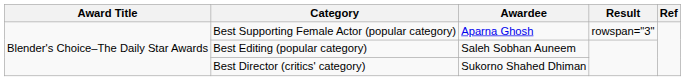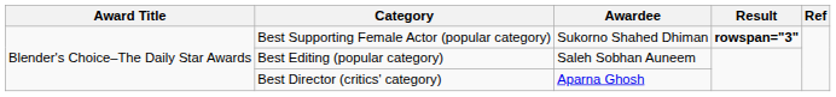 <table class="wikitable">
 <tr>
 <th>Award Title</th>
 <th>Category</th>
 <th>Awardee</th>
 <th>Result</th>
 <th>Ref</th>
 </tr>
 <tr>
 <td rowspan="3">Blender's Choice–The Daily Star Awards</td>
 <td>Best Supporting Female Actor (popular category)</td>
-<td><a href='#'>Aparna Ghosh</a></td>
-<td>rowspan="3" </td>
+<td>Sukorno Shahed Dhiman</td>
+<td><strong>rowspan="3" </strong></td>
 <td rowspan="3"></td>
 </tr>
 <tr>
 <td>Best Editing (popular category)</td>
 <td>Saleh Sobhan Auneem</td>
 </tr>
 <tr>
 <td>Best Director (critics' category)</td>
-<td>Sukorno Shahed Dhiman</td>
+<td><a href='#'>Aparna Ghosh</a></td>
 </tr>
 </table>
